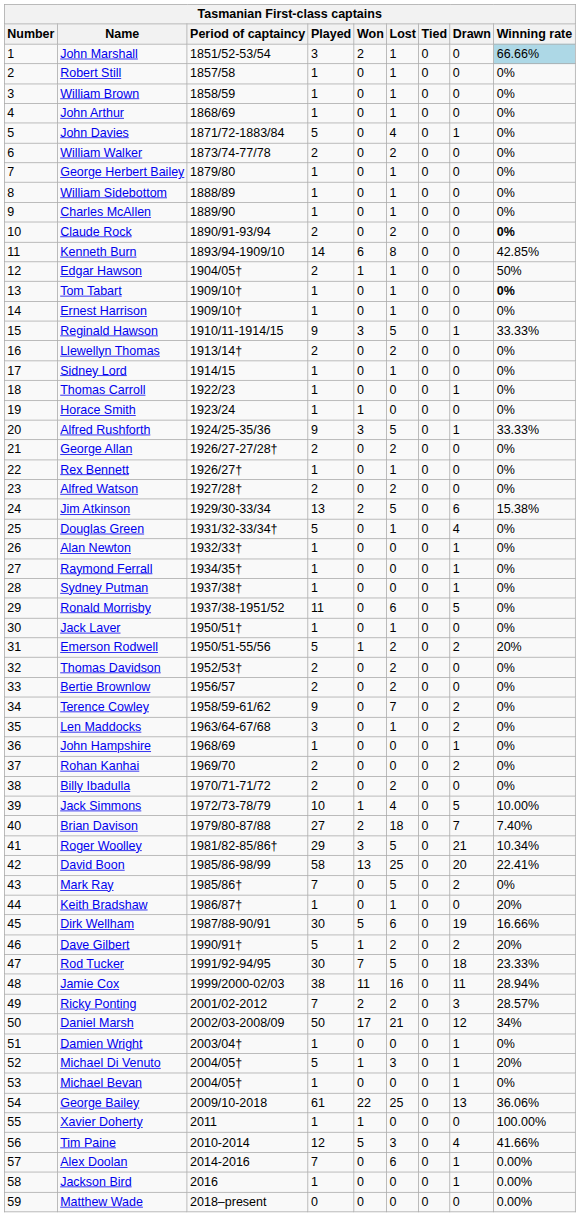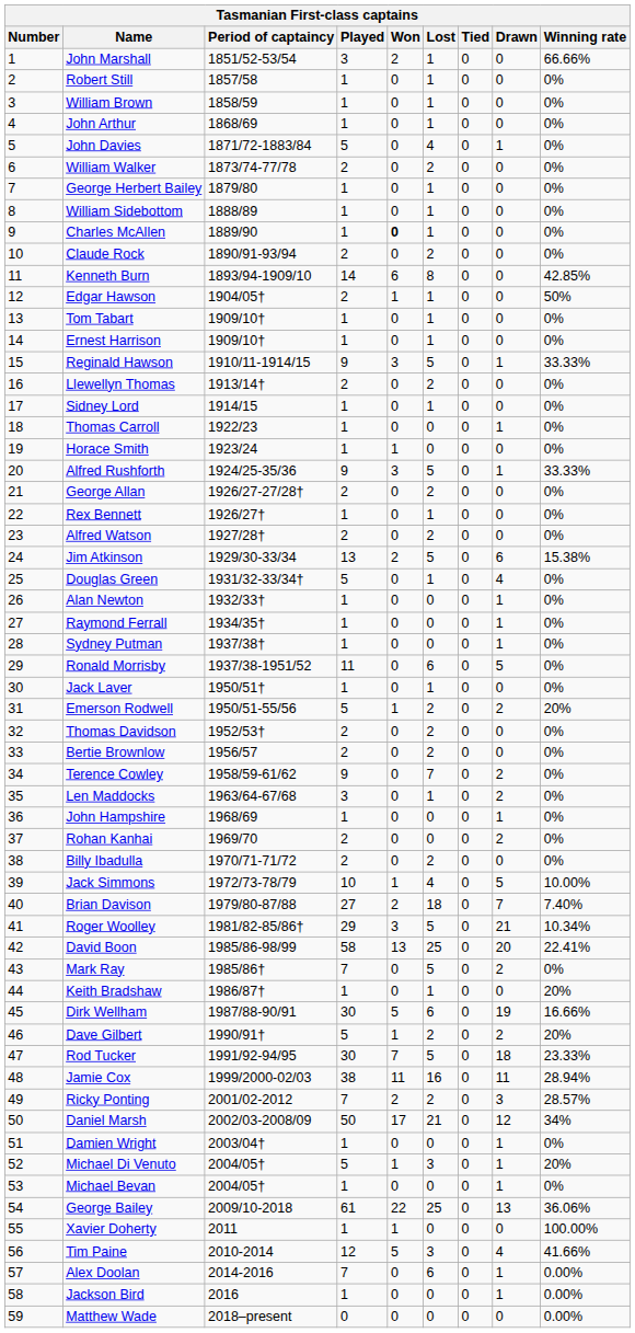 <table class="wikitable">
 <tr style="background:#efefef;">
 <th colspan="9">Tasmanian First-class captains</th>
 </tr>
 <tr style="background:#efefef;">
 <th>Number</th>
 <th>Name</th>
 <th>Period of captaincy</th>
 <th>Played</th>
 <th>Won</th>
 <th>Lost</th>
 <th>Tied</th>
 <th>Drawn</th>
 <th>Winning rate</th>
 </tr>
 <tr>
 <td>1</td>
 <td><a href='#'>John Marshall</a></td>
 <td>1851/52-53/54</td>
 <td>3</td>
 <td>2</td>
 <td>1</td>
 <td>0</td>
 <td>0</td>
-<td style="background: lightblue;">66.66%</td>
+<td>66.66%</td>
 </tr>
 <tr>
 <td>2</td>
 <td><a href='#'>Robert Still</a></td>
 <td>1857/58</td>
 <td>1</td>
 <td>0</td>
 <td>1</td>
 <td>0</td>
 <td>0</td>
 <td>0%</td>
 </tr>
 <tr>
 <td>3</td>
 <td><a href='#'>William Brown</a></td>
 <td>1858/59</td>
 <td>1</td>
 <td>0</td>
 <td>1</td>
 <td>0</td>
 <td>0</td>
 <td>0%</td>
 </tr>
 <tr>
 <td>4</td>
 <td><a href='#'>John Arthur</a></td>
 <td>1868/69</td>
 <td>1</td>
 <td>0</td>
 <td>1</td>
 <td>0</td>
 <td>0</td>
 <td>0%</td>
 </tr>
 <tr>
 <td>5</td>
 <td><a href='#'>John Davies</a></td>
 <td>1871/72-1883/84</td>
 <td>5</td>
 <td>0</td>
 <td>4</td>
 <td>0</td>
 <td>1</td>
 <td>0%</td>
 </tr>
 <tr>
 <td>6</td>
 <td><a href='#'>William Walker</a></td>
 <td>1873/74-77/78</td>
 <td>2</td>
 <td>0</td>
 <td>2</td>
 <td>0</td>
 <td>0</td>
 <td>0%</td>
 </tr>
 <tr>
 <td>7</td>
 <td><a href='#'>George Herbert Bailey</a></td>
 <td>1879/80</td>
 <td>1</td>
 <td>0</td>
 <td>1</td>
 <td>0</td>
 <td>0</td>
 <td>0%</td>
 </tr>
 <tr>
 <td>8</td>
 <td><a href='#'>William Sidebottom</a></td>
 <td>1888/89</td>
 <td>1</td>
 <td>0</td>
 <td>1</td>
 <td>0</td>
 <td>0</td>
 <td>0%</td>
 </tr>
 <tr>
 <td>9</td>
 <td><a href='#'>Charles McAllen</a></td>
 <td>1889/90</td>
 <td>1</td>
-<td>0</td>
+<td><strong>0</strong></td>
 <td>1</td>
 <td>0</td>
 <td>0</td>
 <td>0%</td>
 </tr>
 <tr>
 <td>10</td>
 <td><a href='#'>Claude Rock</a></td>
 <td>1890/91-93/94</td>
 <td>2</td>
 <td>0</td>
 <td>2</td>
 <td>0</td>
 <td>0</td>
-<td><strong>0%</strong></td>
+<td>0%</td>
 </tr>
 <tr>
 <td>11</td>
 <td><a href='#'>Kenneth Burn</a></td>
 <td>1893/94-1909/10</td>
 <td>14</td>
 <td>6</td>
 <td>8</td>
 <td>0</td>
 <td>0</td>
 <td>42.85%</td>
 </tr>
 <tr>
 <td>12</td>
 <td><a href='#'>Edgar Hawson</a></td>
 <td>1904/05†</td>
 <td>2</td>
 <td>1</td>
 <td>1</td>
 <td>0</td>
 <td>0</td>
 <td>50%</td>
 </tr>
 <tr>
 <td>13</td>
 <td><a href='#'>Tom Tabart</a></td>
 <td>1909/10†</td>
 <td>1</td>
 <td>0</td>
 <td>1</td>
 <td>0</td>
 <td>0</td>
-<td><strong>0%</strong></td>
+<td>0%</td>
 </tr>
 <tr>
 <td>14</td>
 <td><a href='#'>Ernest Harrison</a></td>
 <td>1909/10†</td>
 <td>1</td>
 <td>0</td>
 <td>1</td>
 <td>0</td>
 <td>0</td>
 <td>0%</td>
 </tr>
 <tr>
 <td>15</td>
 <td><a href='#'>Reginald Hawson</a></td>
 <td>1910/11-1914/15</td>
 <td>9</td>
 <td>3</td>
 <td>5</td>
 <td>0</td>
 <td>1</td>
 <td>33.33%</td>
 </tr>
 <tr>
 <td>16</td>
 <td><a href='#'>Llewellyn Thomas</a></td>
 <td>1913/14†</td>
 <td>2</td>
 <td>0</td>
 <td>2</td>
 <td>0</td>
 <td>0</td>
 <td>0%</td>
 </tr>
 <tr>
 <td>17</td>
 <td><a href='#'>Sidney Lord</a></td>
 <td>1914/15</td>
 <td>1</td>
 <td>0</td>
 <td>1</td>
 <td>0</td>
 <td>0</td>
 <td>0%</td>
 </tr>
 <tr>
 <td>18</td>
 <td><a href='#'>Thomas Carroll</a></td>
 <td>1922/23</td>
 <td>1</td>
 <td>0</td>
 <td>0</td>
 <td>0</td>
 <td>1</td>
 <td>0%</td>
 </tr>
 <tr>
 <td>19</td>
 <td><a href='#'>Horace Smith</a></td>
 <td>1923/24</td>
 <td>1</td>
 <td>1</td>
 <td>0</td>
 <td>0</td>
 <td>0</td>
 <td>0%</td>
 </tr>
 <tr>
 <td>20</td>
 <td><a href='#'>Alfred Rushforth</a></td>
 <td>1924/25-35/36</td>
 <td>9</td>
 <td>3</td>
 <td>5</td>
 <td>0</td>
 <td>1</td>
 <td>33.33%</td>
 </tr>
 <tr>
 <td>21</td>
 <td><a href='#'>George Allan</a></td>
 <td>1926/27-27/28†</td>
 <td>2</td>
 <td>0</td>
 <td>2</td>
 <td>0</td>
 <td>0</td>
 <td>0%</td>
 </tr>
 <tr>
 <td>22</td>
 <td><a href='#'>Rex Bennett</a></td>
 <td>1926/27†</td>
 <td>1</td>
 <td>0</td>
 <td>1</td>
 <td>0</td>
 <td>0</td>
 <td>0%</td>
 </tr>
 <tr>
 <td>23</td>
 <td><a href='#'>Alfred Watson</a></td>
 <td>1927/28†</td>
 <td>2</td>
 <td>0</td>
 <td>2</td>
 <td>0</td>
 <td>0</td>
 <td>0%</td>
 </tr>
 <tr>
 <td>24</td>
 <td><a href='#'>Jim Atkinson</a></td>
 <td>1929/30-33/34</td>
 <td>13</td>
 <td>2</td>
 <td>5</td>
 <td>0</td>
 <td>6</td>
 <td>15.38%</td>
 </tr>
 <tr>
 <td>25</td>
 <td><a href='#'>Douglas Green</a></td>
 <td>1931/32-33/34†</td>
 <td>5</td>
 <td>0</td>
 <td>1</td>
 <td>0</td>
 <td>4</td>
 <td>0%</td>
 </tr>
 <tr>
 <td>26</td>
 <td><a href='#'>Alan Newton</a></td>
 <td>1932/33†</td>
 <td>1</td>
 <td>0</td>
 <td>0</td>
 <td>0</td>
 <td>1</td>
 <td>0%</td>
 </tr>
 <tr>
 <td>27</td>
 <td><a href='#'>Raymond Ferrall</a></td>
 <td>1934/35†</td>
 <td>1</td>
 <td>0</td>
 <td>0</td>
 <td>0</td>
 <td>1</td>
 <td>0%</td>
 </tr>
 <tr>
 <td>28</td>
 <td><a href='#'>Sydney Putman</a></td>
 <td>1937/38†</td>
 <td>1</td>
 <td>0</td>
 <td>0</td>
 <td>0</td>
 <td>1</td>
 <td>0%</td>
 </tr>
 <tr>
 <td>29</td>
 <td><a href='#'>Ronald Morrisby</a></td>
 <td>1937/38-1951/52</td>
 <td>11</td>
 <td>0</td>
 <td>6</td>
 <td>0</td>
 <td>5</td>
 <td>0%</td>
 </tr>
 <tr>
 <td>30</td>
 <td><a href='#'>Jack Laver</a></td>
 <td>1950/51†</td>
 <td>1</td>
 <td>0</td>
 <td>1</td>
 <td>0</td>
 <td>0</td>
 <td>0%</td>
 </tr>
 <tr>
 <td>31</td>
 <td><a href='#'>Emerson Rodwell</a></td>
 <td>1950/51-55/56</td>
 <td>5</td>
 <td>1</td>
 <td>2</td>
 <td>0</td>
 <td>2</td>
 <td>20%</td>
 </tr>
 <tr>
 <td>32</td>
 <td><a href='#'>Thomas Davidson</a></td>
 <td>1952/53†</td>
 <td>2</td>
 <td>0</td>
 <td>2</td>
 <td>0</td>
 <td>0</td>
 <td>0%</td>
 </tr>
 <tr>
 <td>33</td>
 <td><a href='#'>Bertie Brownlow</a></td>
 <td>1956/57</td>
 <td>2</td>
 <td>0</td>
 <td>2</td>
 <td>0</td>
 <td>0</td>
 <td>0%</td>
 </tr>
 <tr>
 <td>34</td>
 <td><a href='#'>Terence Cowley</a></td>
 <td>1958/59-61/62</td>
 <td>9</td>
 <td>0</td>
 <td>7</td>
 <td>0</td>
 <td>2</td>
 <td>0%</td>
 </tr>
 <tr>
 <td>35</td>
 <td><a href='#'>Len Maddocks</a></td>
 <td>1963/64-67/68</td>
 <td>3</td>
 <td>0</td>
 <td>1</td>
 <td>0</td>
 <td>2</td>
 <td>0%</td>
 </tr>
 <tr>
 <td>36</td>
 <td><a href='#'>John Hampshire</a></td>
 <td>1968/69</td>
 <td>1</td>
 <td>0</td>
 <td>0</td>
 <td>0</td>
 <td>1</td>
 <td>0%</td>
 </tr>
 <tr>
 <td>37</td>
 <td><a href='#'>Rohan Kanhai</a></td>
 <td>1969/70</td>
 <td>2</td>
 <td>0</td>
 <td>0</td>
 <td>0</td>
 <td>2</td>
 <td>0%</td>
 </tr>
 <tr>
 <td>38</td>
 <td><a href='#'>Billy Ibadulla</a></td>
 <td>1970/71-71/72</td>
 <td>2</td>
 <td>0</td>
 <td>2</td>
 <td>0</td>
 <td>0</td>
 <td>0%</td>
 </tr>
 <tr>
 <td>39</td>
 <td><a href='#'>Jack Simmons</a></td>
 <td>1972/73-78/79</td>
 <td>10</td>
 <td>1</td>
 <td>4</td>
 <td>0</td>
 <td>5</td>
 <td>10.00%</td>
 </tr>
 <tr>
 <td>40</td>
 <td><a href='#'>Brian Davison</a></td>
 <td>1979/80-87/88</td>
 <td>27</td>
 <td>2</td>
 <td>18</td>
 <td>0</td>
 <td>7</td>
 <td>7.40%</td>
 </tr>
 <tr>
 <td>41</td>
 <td><a href='#'>Roger Woolley</a></td>
 <td>1981/82-85/86†</td>
 <td>29</td>
 <td>3</td>
 <td>5</td>
 <td>0</td>
 <td>21</td>
 <td>10.34%</td>
 </tr>
 <tr>
 <td>42</td>
 <td><a href='#'>David Boon</a></td>
 <td>1985/86-98/99</td>
 <td>58</td>
 <td>13</td>
 <td>25</td>
 <td>0</td>
 <td>20</td>
 <td>22.41%</td>
 </tr>
 <tr>
 <td>43</td>
 <td><a href='#'>Mark Ray</a></td>
 <td>1985/86†</td>
 <td>7</td>
 <td>0</td>
 <td>5</td>
 <td>0</td>
 <td>2</td>
 <td>0%</td>
 </tr>
 <tr>
 <td>44</td>
 <td><a href='#'>Keith Bradshaw</a></td>
 <td>1986/87†</td>
 <td>1</td>
 <td>0</td>
 <td>1</td>
 <td>0</td>
 <td>0</td>
 <td>20%</td>
 </tr>
 <tr>
 <td>45</td>
 <td><a href='#'>Dirk Wellham</a></td>
 <td>1987/88-90/91</td>
 <td>30</td>
 <td>5</td>
 <td>6</td>
 <td>0</td>
 <td>19</td>
 <td>16.66%</td>
 </tr>
 <tr>
 <td>46</td>
 <td><a href='#'>Dave Gilbert</a></td>
 <td>1990/91†</td>
 <td>5</td>
 <td>1</td>
 <td>2</td>
 <td>0</td>
 <td>2</td>
 <td>20%</td>
 </tr>
 <tr>
 <td>47</td>
 <td><a href='#'>Rod Tucker</a></td>
 <td>1991/92-94/95</td>
 <td>30</td>
 <td>7</td>
 <td>5</td>
 <td>0</td>
 <td>18</td>
 <td>23.33%</td>
 </tr>
 <tr>
 <td>48</td>
 <td><a href='#'>Jamie Cox</a></td>
 <td>1999/2000-02/03</td>
 <td>38</td>
 <td>11</td>
 <td>16</td>
 <td>0</td>
 <td>11</td>
 <td>28.94%</td>
 </tr>
 <tr>
 <td>49</td>
 <td><a href='#'>Ricky Ponting</a></td>
 <td>2001/02-2012</td>
 <td>7</td>
 <td>2</td>
 <td>2</td>
 <td>0</td>
 <td>3</td>
 <td>28.57%</td>
 </tr>
 <tr>
 <td>50</td>
 <td><a href='#'>Daniel Marsh</a></td>
 <td>2002/03-2008/09</td>
 <td>50</td>
 <td>17</td>
 <td>21</td>
 <td>0</td>
 <td>12</td>
 <td>34%</td>
 </tr>
 <tr>
 <td>51</td>
 <td><a href='#'>Damien Wright</a></td>
 <td>2003/04†</td>
 <td>1</td>
 <td>0</td>
 <td>0</td>
 <td>0</td>
 <td>1</td>
 <td>0%</td>
 </tr>
 <tr>
 <td>52</td>
 <td><a href='#'>Michael Di Venuto</a></td>
 <td>2004/05†</td>
 <td>5</td>
 <td>1</td>
 <td>3</td>
 <td>0</td>
 <td>1</td>
 <td>20%</td>
 </tr>
 <tr>
 <td>53</td>
 <td><a href='#'>Michael Bevan</a></td>
 <td>2004/05†</td>
 <td>1</td>
 <td>0</td>
 <td>0</td>
 <td>0</td>
 <td>1</td>
 <td>0%</td>
 </tr>
 <tr>
 <td>54</td>
 <td><a href='#'>George Bailey</a></td>
 <td>2009/10-2018</td>
 <td>61</td>
 <td>22</td>
 <td>25</td>
 <td>0</td>
 <td>13</td>
 <td>36.06%</td>
 </tr>
 <tr>
 <td>55</td>
 <td><a href='#'>Xavier Doherty</a></td>
 <td>2011</td>
 <td>1</td>
 <td>1</td>
 <td>0</td>
 <td>0</td>
 <td>0</td>
 <td>100.00%</td>
 </tr>
 <tr>
 <td>56</td>
 <td><a href='#'>Tim Paine</a></td>
 <td>2010-2014</td>
 <td>12</td>
 <td>5</td>
 <td>3</td>
 <td>0</td>
 <td>4</td>
 <td>41.66%</td>
 </tr>
 <tr>
 <td>57</td>
 <td><a href='#'>Alex Doolan</a></td>
 <td>2014-2016</td>
 <td>7</td>
 <td>0</td>
 <td>6</td>
 <td>0</td>
 <td>1</td>
 <td>0.00%</td>
 </tr>
 <tr>
 <td>58</td>
 <td><a href='#'>Jackson Bird</a></td>
 <td>2016</td>
 <td>1</td>
 <td>0</td>
 <td>0</td>
 <td>0</td>
 <td>1</td>
 <td>0.00%</td>
 </tr>
 <tr>
 <td>59</td>
 <td><a href='#'>Matthew Wade</a></td>
 <td>2018–present</td>
 <td>0</td>
 <td>0</td>
 <td>0</td>
 <td>0</td>
 <td>0</td>
 <td>0.00%</td>
 </tr>
 </table>
